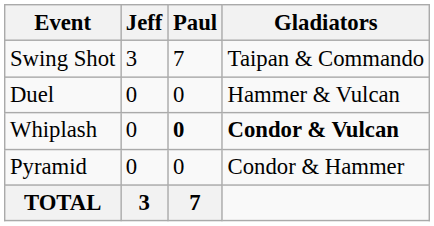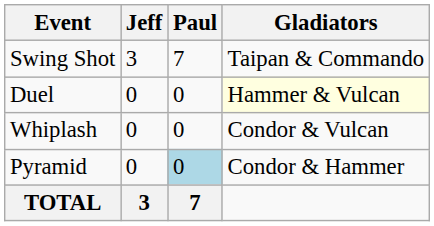 <table class="wikitable">
 <tr>
 <th>Event</th>
 <th>Jeff</th>
 <th>Paul</th>
 <th>Gladiators</th>
 </tr>
 <tr>
 <td>Swing Shot</td>
 <td>3</td>
 <td>7</td>
 <td>Taipan & Commando</td>
 </tr>
 <tr>
 <td>Duel</td>
 <td>0</td>
 <td>0</td>
-<td>Hammer & Vulcan</td>
+<td style="background: lightyellow;">Hammer & Vulcan</td>
 </tr>
 <tr>
 <td>Whiplash</td>
 <td>0</td>
-<td><strong>0</strong></td>
-<td><strong>Condor & Vulcan</strong></td>
+<td>0</td>
+<td>Condor & Vulcan</td>
 </tr>
 <tr>
 <td>Pyramid</td>
 <td>0</td>
-<td>0</td>
+<td style="background: lightblue;">0</td>
 <td>Condor & Hammer</td>
 </tr>
 <tr>
 <th>TOTAL</th>
 <th>3</th>
 <th>7</th>
 </tr>
 </table>
